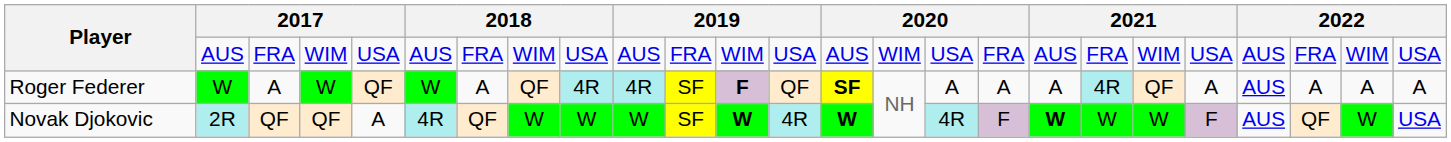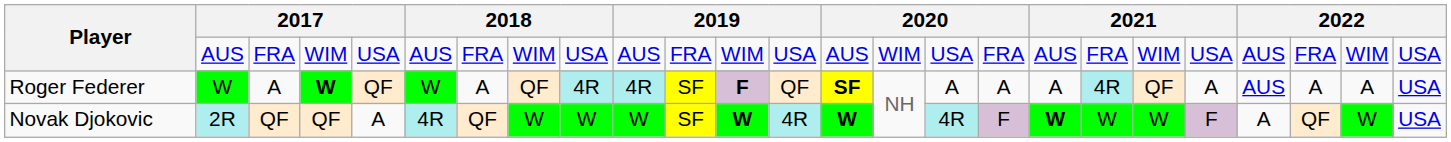 <table class=wikitable style=text-align:center>
 <tr>
 <th rowspan=2 style="width:140px">Player</th>
 <th colspan=4>2017</th>
 <th colspan=4>2018</th>
 <th colspan=4>2019</th>
 <th colspan=4>2020</th>
 <th colspan=4>2021</th>
 <th colspan=4>2022</th>
 </tr>
 <tr>
 <td><a href='#'>AUS</a></td>
 <td><a href='#'>FRA</a></td>
 <td><a href='#'>WIM</a></td>
 <td><a href='#'>USA</a></td>
 <td><a href='#'>AUS</a></td>
 <td><a href='#'>FRA</a></td>
 <td><a href='#'>WIM</a></td>
 <td><a href='#'>USA</a></td>
 <td><a href='#'>AUS</a></td>
 <td><a href='#'>FRA</a></td>
 <td><a href='#'>WIM</a></td>
 <td><a href='#'>USA</a></td>
 <td><a href='#'>AUS</a></td>
 <td><a href='#'>WIM</a></td>
 <td><a href='#'>USA</a></td>
 <td><a href='#'>FRA</a></td>
 <td><a href='#'>AUS</a></td>
 <td><a href='#'>FRA</a></td>
 <td><a href='#'>WIM</a></td>
 <td><a href='#'>USA</a></td>
 <td><a href='#'>AUS</a></td>
 <td><a href='#'>FRA</a></td>
 <td><a href='#'>WIM</a></td>
 <td><a href='#'>USA</a></td>
 </tr>
 <tr>
 <td align=left> Roger Federer</td>
 <td bgcolor=lime>W</td>
 <td>A</td>
-<td bgcolor=lime>W</td>
+<td bgcolor=lime><strong>W</strong></td>
 <td bgcolor=ffebcd>QF</td>
 <td bgcolor=lime>W</td>
 <td>A</td>
 <td bgcolor="#ffebcd">QF</td>
 <td style="background:#afeeee;">4R</td>
 <td style="background:#afeeee;">4R</td>
 <td bgcolor=yellow>SF</td>
 <td bgcolor=thistle><strong>F</strong></td>
 <td bgcolor=ffebcd>QF</td>
 <td bgcolor=yellow><strong>SF</strong></td>
 <td rowspan="2" style="color:#696969;">NH</td>
 <td>A</td>
 <td>A</td>
 <td>A</td>
 <td style="background:#afeeee;">4R</td>
 <td bgcolor="#ffebcd">QF</td>
 <td>A</td>
 <td><a href='#'>AUS</a></td>
 <td>A</td>
 <td>A</td>
-<td>A</td>
+<td><a href='#'>USA</a></td>
 </tr>
 <tr>
 <td align=left> Novak Djokovic</td>
 <td style="background:#afeeee;">2R</td>
 <td bgcolor=ffebcd>QF</td>
 <td bgcolor=ffebcd>QF</td>
 <td>A</td>
 <td style="background:#afeeee;">4R</td>
 <td bgcolor=ffebcd>QF</td>
 <td bgcolor=lime>W</td>
 <td bgcolor=lime>W</td>
 <td bgcolor=lime>W</td>
 <td bgcolor=yellow>SF</td>
 <td bgcolor=lime><strong>W</strong></td>
 <td style="background:#afeeee;">4R</td>
 <td bgcolor=lime><strong>W</strong></td>
 <td style="background:#afeeee;">4R</td>
 <td bgcolor=thistle>F</td>
 <td bgcolor=lime><strong>W</strong></td>
 <td bgcolor=lime>W</td>
 <td bgcolor=lime>W</td>
 <td bgcolor=thistle>F</td>
-<td><a href='#'>AUS</a></td>
+<td>A</td>
 <td bgcolor=ffebcd>QF</td>
 <td bgcolor=lime>W</td>
 <td><a href='#'>USA</a></td>
 </tr>
 </table>
